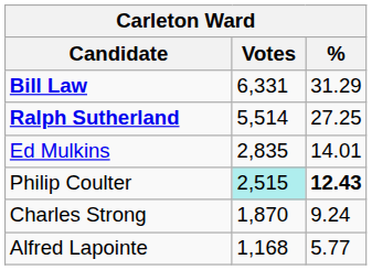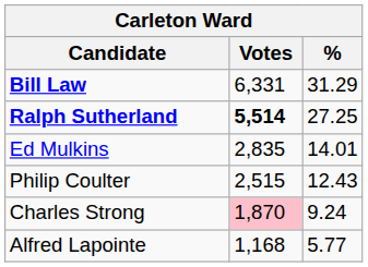 <table class="wikitable">
 <tr>
 <th colspan="3">Carleton Ward</th>
 </tr>
 <tr>
 <th style="width: 170px">Candidate</th>
 <th style="width: 50px">Votes</th>
 <th style="width: 40px">%</th>
 </tr>
 <tr>
 <td><strong><a href='#'>Bill Law</a></strong></td>
 <td>6,331</td>
 <td>31.29</td>
 </tr>
 <tr>
 <td><strong><a href='#'>Ralph Sutherland</a></strong></td>
-<td>5,514</td>
+<td><strong>5,514</strong></td>
 <td>27.25</td>
 </tr>
 <tr>
 <td><a href='#'>Ed Mulkins</a></td>
 <td>2,835</td>
 <td>14.01</td>
 </tr>
 <tr>
 <td>Philip Coulter</td>
-<td style="background: paleturquoise;">2,515</td>
-<td><strong>12.43</strong></td>
+<td>2,515</td>
+<td>12.43</td>
 </tr>
 <tr>
 <td>Charles Strong</td>
-<td>1,870</td>
+<td style="background: pink;">1,870</td>
 <td>9.24</td>
 </tr>
 <tr>
 <td>Alfred Lapointe</td>
 <td>1,168</td>
 <td>5.77</td>
 </tr>
 </table>
